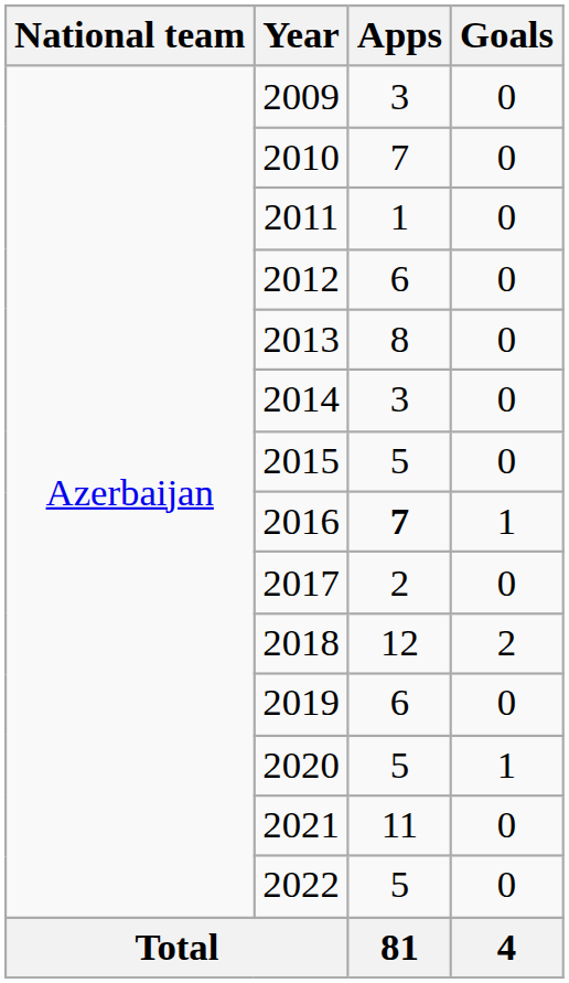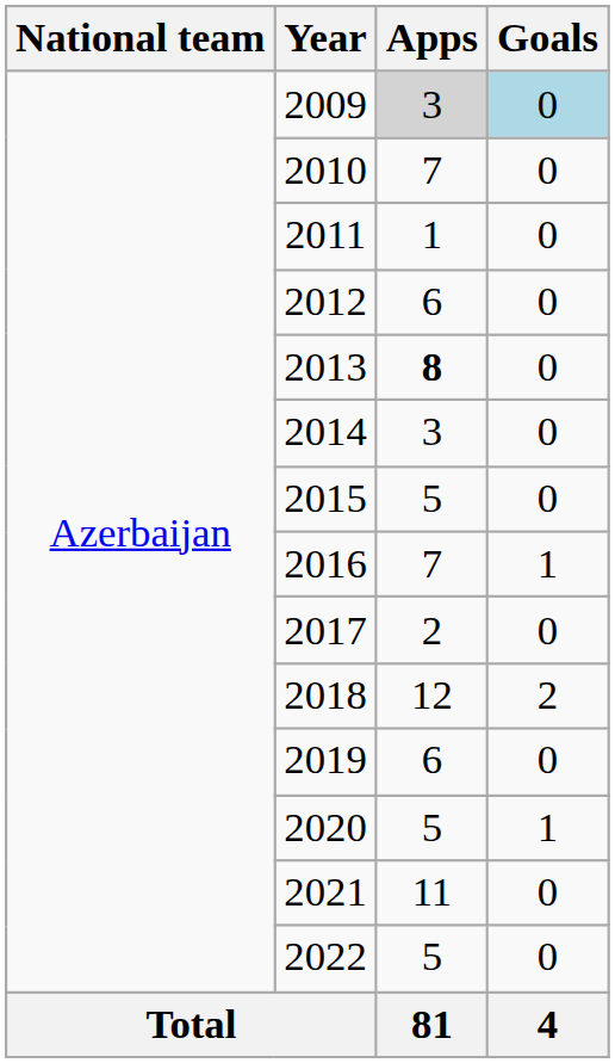 <table class="wikitable" style="text-align:center">
 <tr>
 <th>National team</th>
 <th>Year</th>
 <th>Apps</th>
 <th>Goals</th>
 </tr>
 <tr>
 <td rowspan="14"><a href='#'>Azerbaijan</a></td>
 <td>2009</td>
-<td>3</td>
-<td>0</td>
+<td style="background: lightgrey;">3</td>
+<td style="background: lightblue;">0</td>
 </tr>
 <tr>
 <td>2010</td>
 <td>7</td>
 <td>0</td>
 </tr>
 <tr>
 <td>2011</td>
 <td>1</td>
 <td>0</td>
 </tr>
 <tr>
 <td>2012</td>
 <td>6</td>
 <td>0</td>
 </tr>
 <tr>
 <td>2013</td>
-<td>8</td>
+<td><strong>8</strong></td>
 <td>0</td>
 </tr>
 <tr>
 <td>2014</td>
 <td>3</td>
 <td>0</td>
 </tr>
 <tr>
 <td>2015</td>
 <td>5</td>
 <td>0</td>
 </tr>
 <tr>
 <td>2016</td>
-<td><strong>7</strong></td>
+<td>7</td>
 <td>1</td>
 </tr>
 <tr>
 <td>2017</td>
 <td>2</td>
 <td>0</td>
 </tr>
 <tr>
 <td>2018</td>
 <td>12</td>
 <td>2</td>
 </tr>
 <tr>
 <td>2019</td>
 <td>6</td>
 <td>0</td>
 </tr>
 <tr>
 <td>2020</td>
 <td>5</td>
 <td>1</td>
 </tr>
 <tr>
 <td>2021</td>
 <td>11</td>
 <td>0</td>
 </tr>
 <tr>
 <td>2022</td>
 <td>5</td>
 <td>0</td>
 </tr>
 <tr>
 <th colspan="2">Total</th>
 <th>81</th>
 <th>4</th>
 </tr>
 </table>
